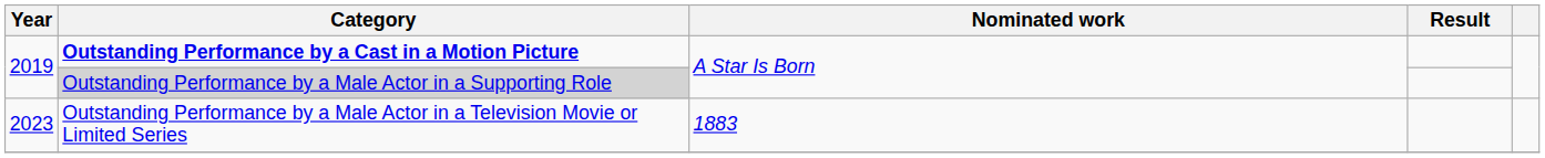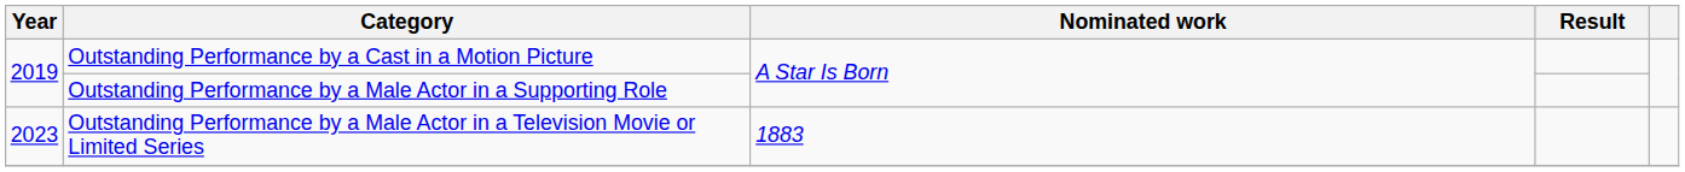 <table class=wikitable>
 <tr>
 <th scope="col" style="width:1em;">Year</th>
 <th scope="col" style="width:34em;">Category</th>
 <th scope="col" style="width:39em;">Nominated work</th>
 <th scope="col" style="width:5em;">Result</th>
 <th scope="col" style="width:1em;"></th>
 </tr>
 <tr>
 <td rowspan="2"><a href='#'>2019</a></td>
-<td><strong><a href='#'>Outstanding Performance by a Cast in a Motion Picture</a></strong></td>
+<td><a href='#'>Outstanding Performance by a Cast in a Motion Picture</a></td>
 <td rowspan="2"><em><a href='#'>A Star Is Born</a></em></td>
 <td></td>
 <td rowspan="2" align="center"></td>
 </tr>
 <tr>
-<td style="background: lightgrey;"><a href='#'>Outstanding Performance by a Male Actor in a Supporting Role</a></td>
+<td><a href='#'>Outstanding Performance by a Male Actor in a Supporting Role</a></td>
 <td></td>
 </tr>
 <tr>
 <td><a href='#'>2023</a></td>
 <td><a href='#'>Outstanding Performance by a Male Actor in a Television Movie or Limited Series</a></td>
 <td><em><a href='#'>1883</a></em></td>
 <td></td>
 <td align=center></td>
 </tr>
 <tr>
 </tr>
 </table>
